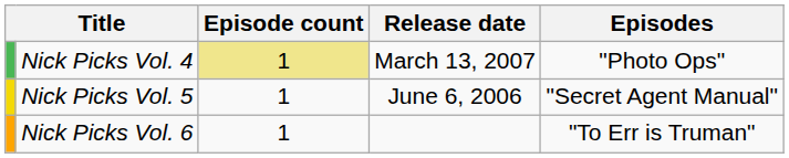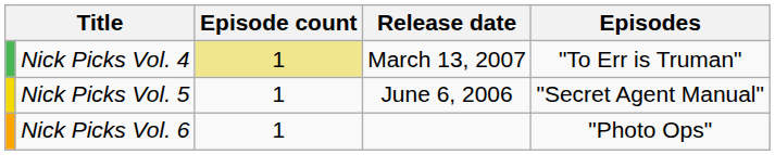 <table class="wikitable" style="text-align: center;">
 <tr>
 <th colspan=2>Title</th>
 <th>Episode count</th>
 <th>Release date</th>
 <th>Episodes</th>
 </tr>
 <tr>
 <td style="background:#49b754"></td>
 <td><em>Nick Picks Vol. 4</em></td>
 <td style="background: khaki;">1</td>
 <td>March 13, 2007</td>
-<td>"Photo Ops"</td>
+<td>"To Err is Truman"</td>
 </tr>
 <tr>
 <td style="background:#f4d904"></td>
 <td><em>Nick Picks Vol. 5</em></td>
 <td>1</td>
 <td>June 6, 2006</td>
 <td>"Secret Agent Manual"</td>
 </tr>
 <tr>
 <td style="background:#FFA500"></td>
 <td><em>Nick Picks Vol. 6</em></td>
 <td>1</td>
 <td></td>
-<td>"To Err is Truman"</td>
+<td>"Photo Ops"</td>
 </tr>
 </table>
